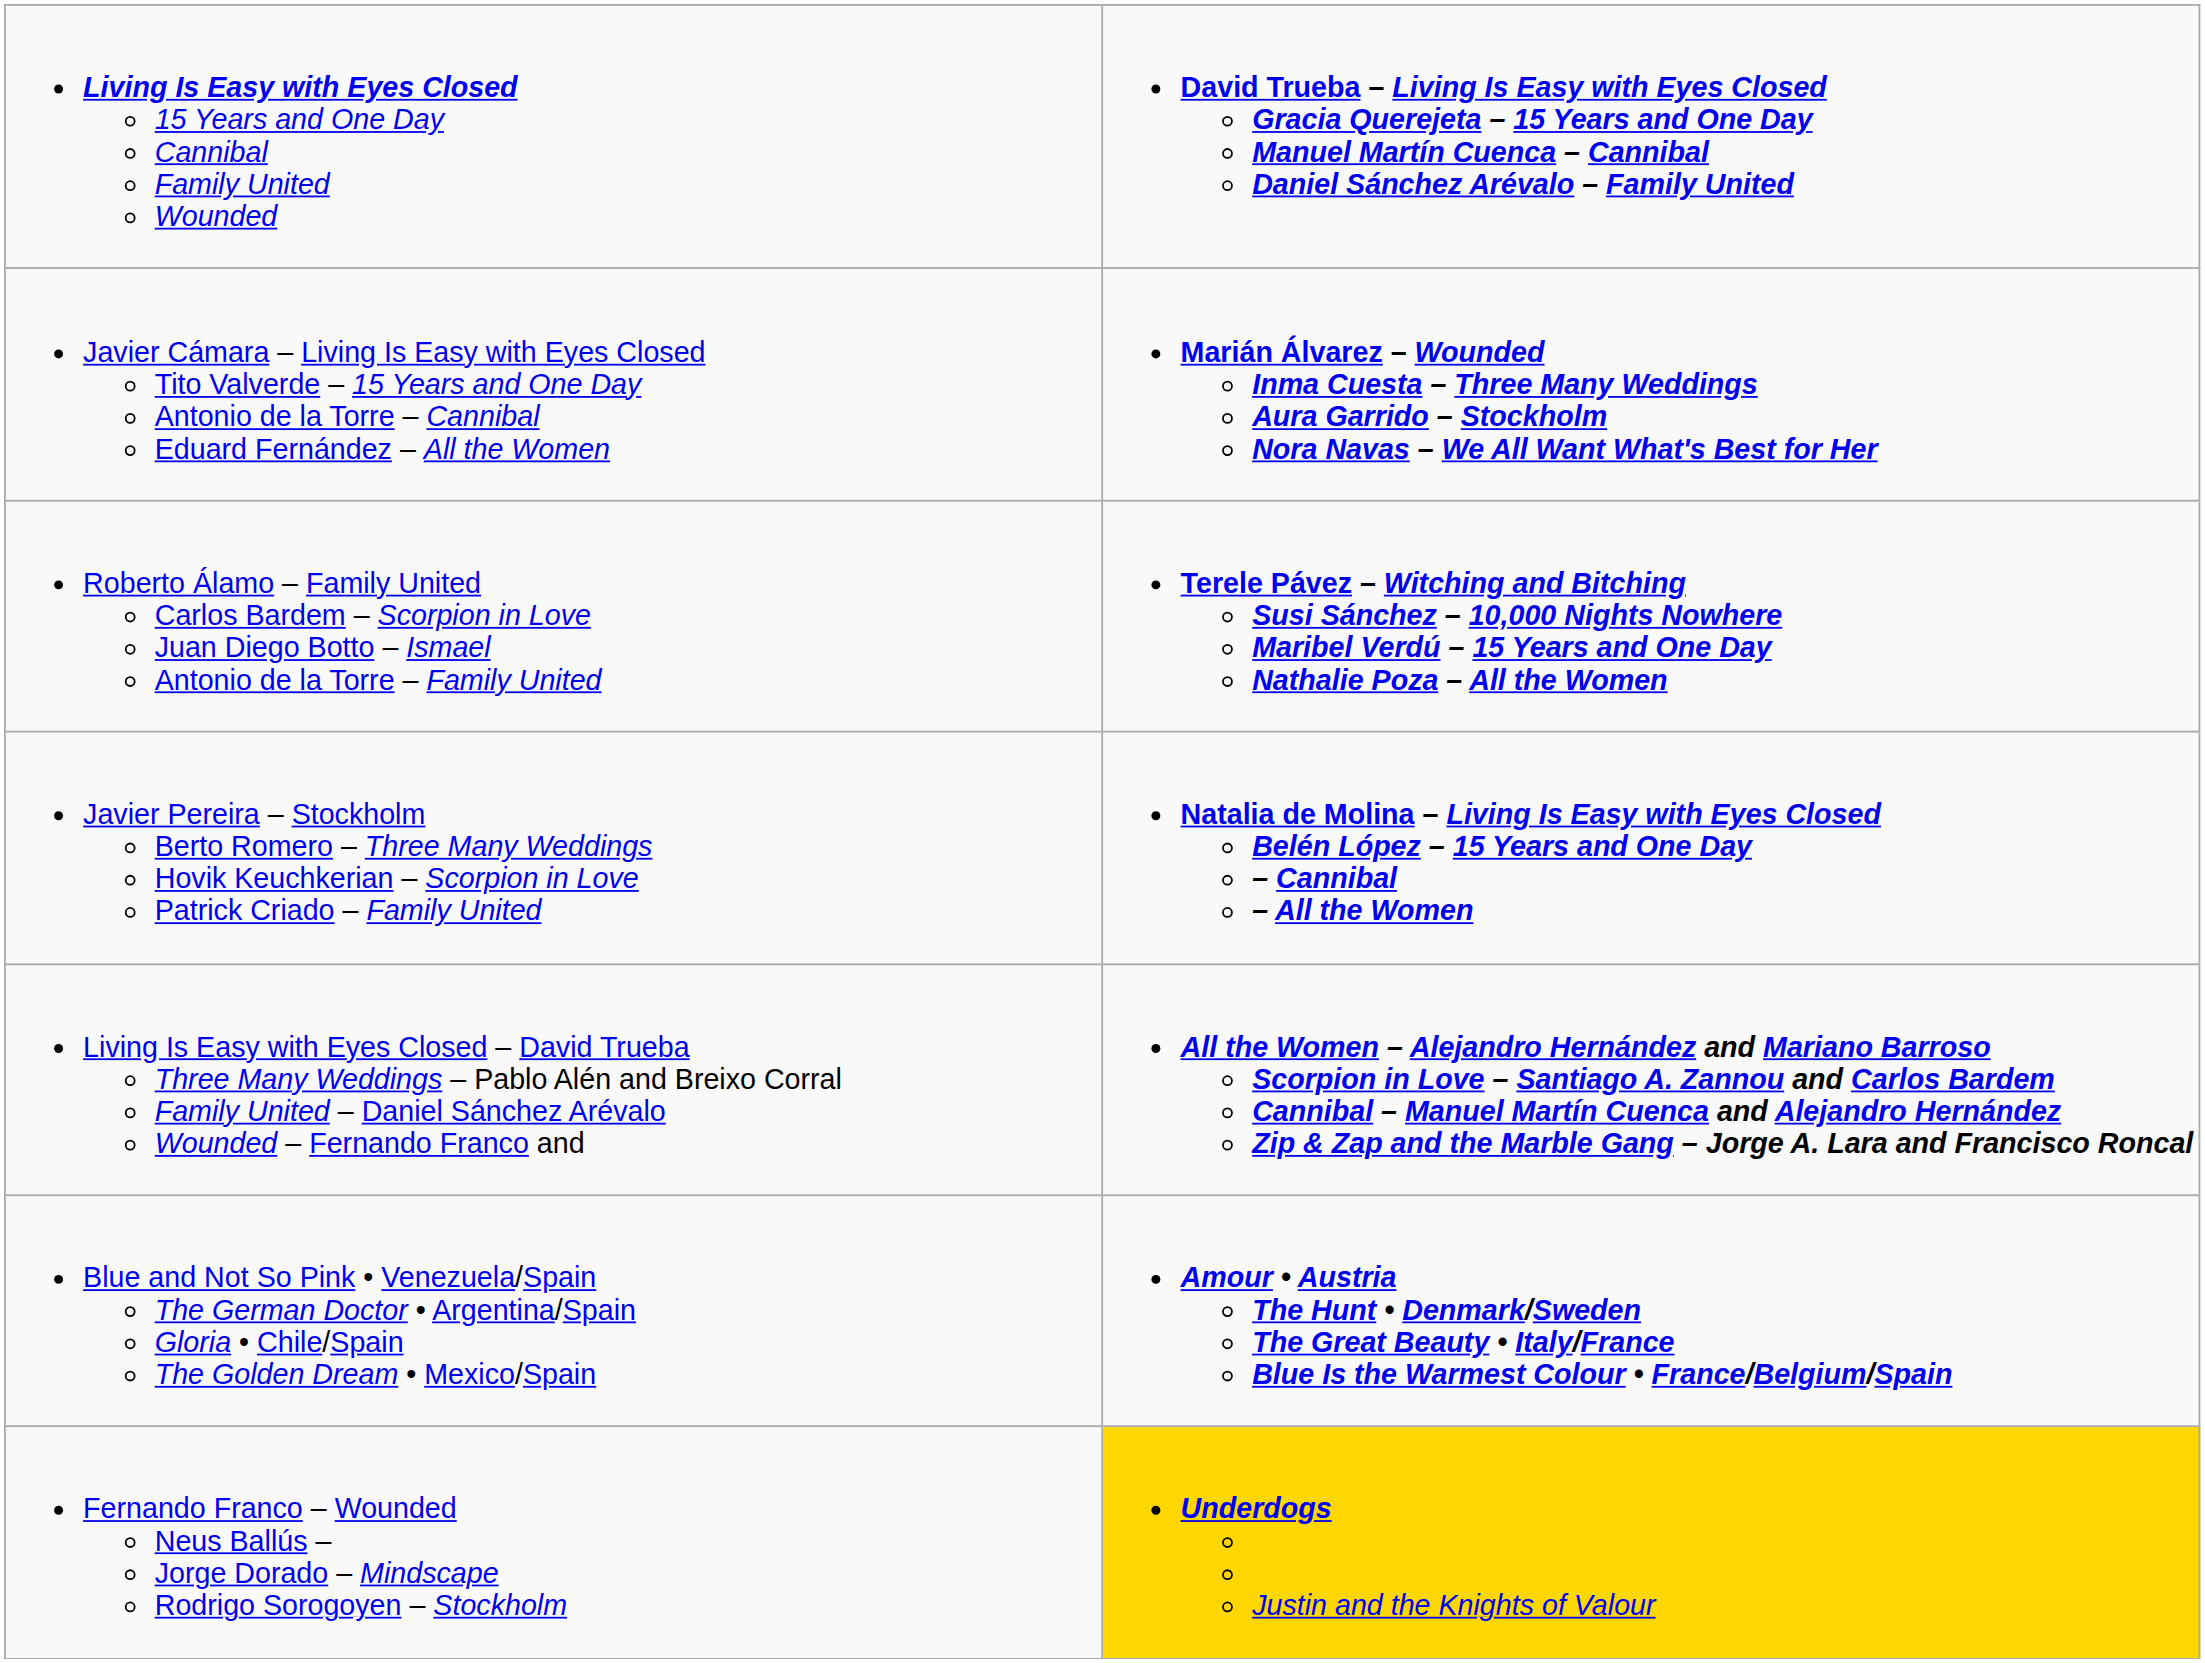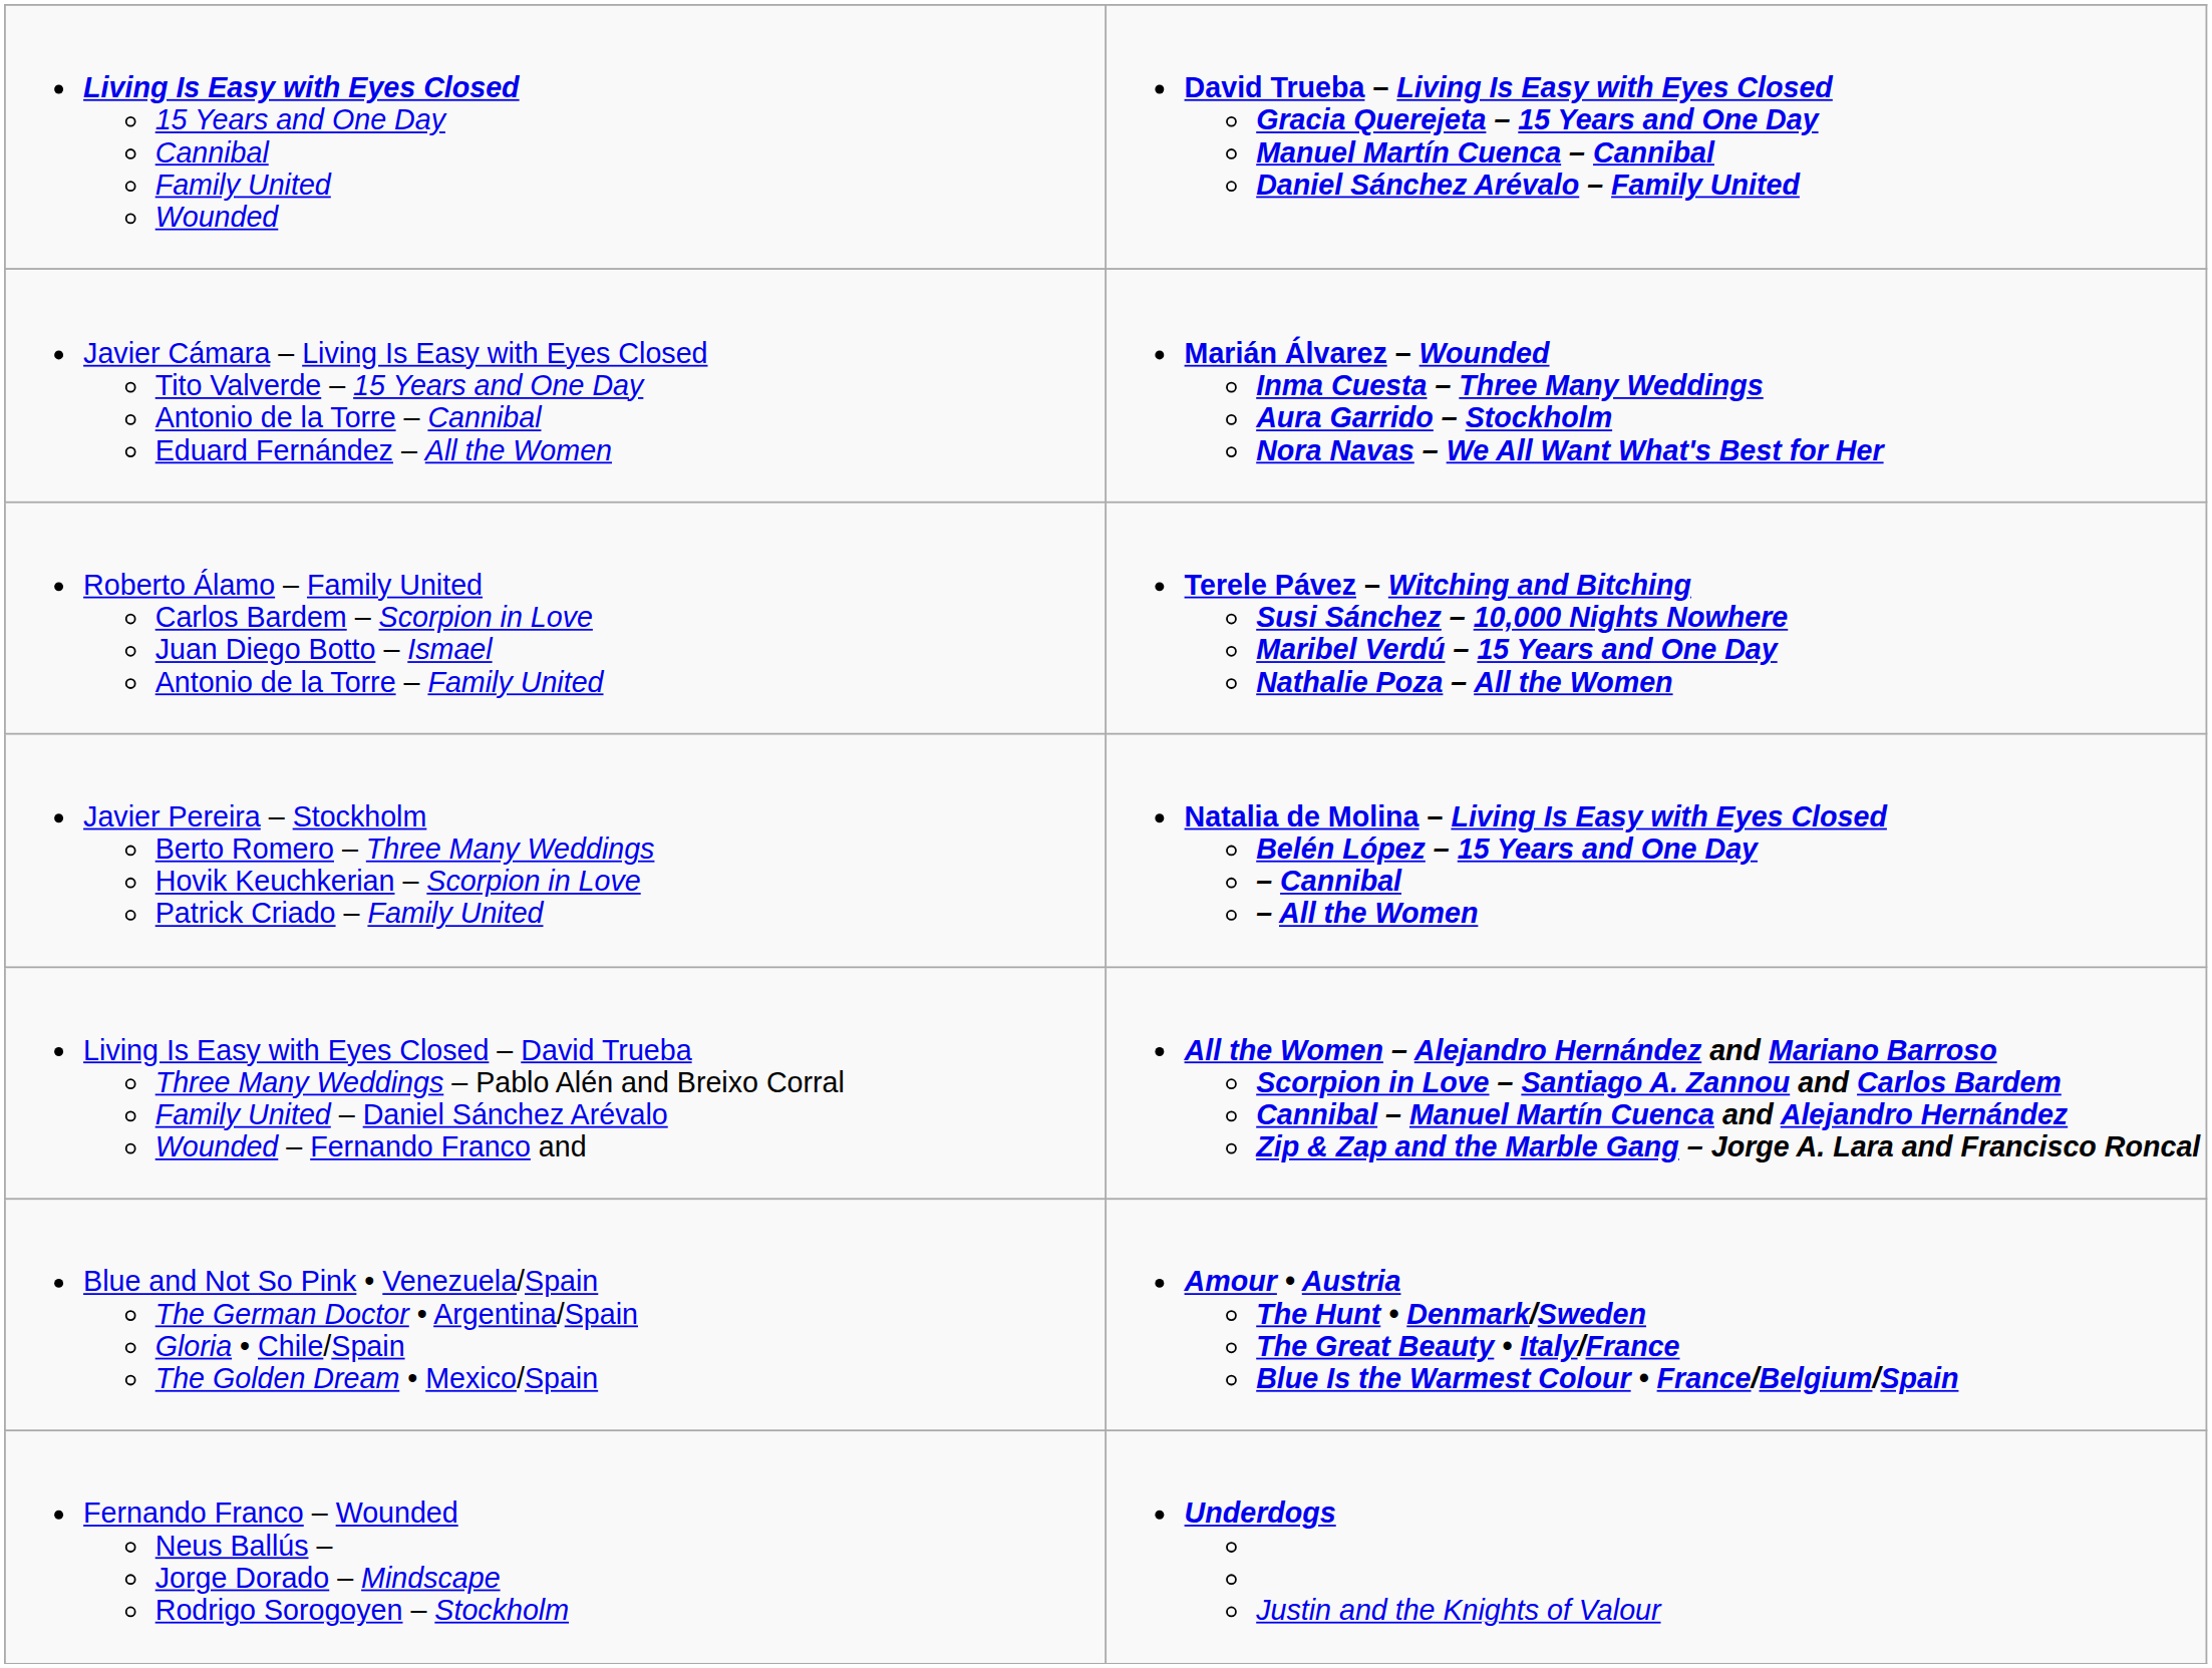 <table class=wikitable style="width="100%">
 <tr>
 <td style="vertical-align:top;" width="50%"><br><ul><li><strong><em><a href='#'>Living Is Easy with Eyes Closed</a></em></strong><ul><li><em><a href='#'>15 Years and One Day</a></em></li><li><em><a href='#'>Cannibal</a></em></li><li><em><a href='#'>Family United</a></em></li><li><em><a href='#'>Wounded</a></em></li></ul></li></ul></td>
 <td style="vertical-align:top;" width="50%"><br><ul><li><strong><a href='#'>David Trueba</a> – <em><a href='#'>Living Is Easy with Eyes Closed</a><strong><em><ul><li><a href='#'>Gracia Querejeta</a> – </em><a href='#'>15 Years and One Day</a><em></li><li><a href='#'>Manuel Martín Cuenca</a> – </em><a href='#'>Cannibal</a><em></li><li><a href='#'>Daniel Sánchez Arévalo</a> – </em><a href='#'>Family United</a><em></li></ul></li></ul></td>
 </tr>
 <tr>
 <td style="vertical-align:top;" width="50%"><br><ul><li></strong><a href='#'>Javier Cámara</a> – </em><a href='#'>Living Is Easy with Eyes Closed</a></em></strong><ul><li><a href='#'>Tito Valverde</a> – <em><a href='#'>15 Years and One Day</a></em></li><li><a href='#'>Antonio de la Torre</a> – <em><a href='#'>Cannibal</a></em></li><li><a href='#'>Eduard Fernández</a> – <em><a href='#'>All the Women</a></em></li></ul></li></ul></td>
 <td style="vertical-align:top;" width="50%"><br><ul><li><strong><a href='#'>Marián Álvarez</a> – <em><a href='#'>Wounded</a><strong><em><ul><li><a href='#'>Inma Cuesta</a> – </em><a href='#'>Three Many Weddings</a><em></li><li><a href='#'>Aura Garrido</a> – </em><a href='#'>Stockholm</a><em></li><li><a href='#'>Nora Navas</a> – </em><a href='#'>We All Want What's Best for Her</a><em></li></ul></li></ul></td>
 </tr>
 <tr>
 <td style="vertical-align:top;" width="50%"><br><ul><li></strong><a href='#'>Roberto Álamo</a> – </em><a href='#'>Family United</a></em></strong><ul><li><a href='#'>Carlos Bardem</a> – <em><a href='#'>Scorpion in Love</a></em></li><li><a href='#'>Juan Diego Botto</a> – <em><a href='#'>Ismael</a></em></li><li><a href='#'>Antonio de la Torre</a> – <em><a href='#'>Family United</a></em></li></ul></li></ul></td>
 <td style="vertical-align:top;" width="50%"><br><ul><li><strong><a href='#'>Terele Pávez</a> – <em><a href='#'>Witching and Bitching</a><strong><em><ul><li><a href='#'>Susi Sánchez</a> – </em><a href='#'>10,000 Nights Nowhere</a><em></li><li><a href='#'>Maribel Verdú</a> – </em><a href='#'>15 Years and One Day</a><em></li><li><a href='#'>Nathalie Poza</a> – </em><a href='#'>All the Women</a><em></li></ul></li></ul></td>
 </tr>
 <tr>
 <td style="vertical-align:top;" width="50%"><br><ul><li></strong><a href='#'>Javier Pereira</a> – </em><a href='#'>Stockholm</a></em></strong><ul><li><a href='#'>Berto Romero</a> – <em><a href='#'>Three Many Weddings</a></em></li><li><a href='#'>Hovik Keuchkerian</a> – <em><a href='#'>Scorpion in Love</a></em></li><li><a href='#'>Patrick Criado</a> – <em><a href='#'>Family United</a></em></li></ul></li></ul></td>
 <td style="vertical-align:top;" width="50%"><br><ul><li><strong><a href='#'>Natalia de Molina</a> – <em><a href='#'>Living Is Easy with Eyes Closed</a><strong><em><ul><li><a href='#'>Belén López</a> – </em><a href='#'>15 Years and One Day</a><em></li><li> – </em><a href='#'>Cannibal</a><em></li><li> – </em><a href='#'>All the Women</a><em></li></ul></li></ul></td>
 </tr>
 <tr>
 <td style="vertical-align:top;" width="50%"><br><ul><li></em></strong><a href='#'>Living Is Easy with Eyes Closed</a></em> – <a href='#'>David Trueba</a></strong><ul><li><em><a href='#'>Three Many Weddings</a></em> – Pablo Alén and Breixo Corral</li><li><em><a href='#'>Family United</a></em> – <a href='#'>Daniel Sánchez Arévalo</a></li><li><em><a href='#'>Wounded</a></em> – <a href='#'>Fernando Franco</a> and </li></ul></li></ul></td>
 <td style="vertical-align:top;" width="50%"><br><ul><li><strong><em><a href='#'>All the Women</a><em> – <a href='#'>Alejandro Hernández</a> and <a href='#'>Mariano Barroso</a><strong><ul><li></em><a href='#'>Scorpion in Love</a><em> – <a href='#'>Santiago A. Zannou</a> and <a href='#'>Carlos Bardem</a></li><li></em><a href='#'>Cannibal</a><em> – <a href='#'>Manuel Martín Cuenca</a> and <a href='#'>Alejandro Hernández</a></li><li></em><a href='#'>Zip & Zap and the Marble Gang</a><em> – Jorge A. Lara and Francisco Roncal</li></ul></li></ul></td>
 </tr>
 <tr>
 <td style="vertical-align:top;" width="50%"><br><ul><li></em></strong><a href='#'>Blue and Not So Pink</a></em> • <a href='#'>Venezuela</a>/<a href='#'>Spain</a></strong><ul><li><em><a href='#'>The German Doctor</a></em> • <a href='#'>Argentina</a>/<a href='#'>Spain</a></li><li><em><a href='#'>Gloria</a></em> • <a href='#'>Chile</a>/<a href='#'>Spain</a></li><li><em><a href='#'>The Golden Dream</a></em> • <a href='#'>Mexico</a>/<a href='#'>Spain</a></li></ul></li></ul></td>
 <td style="vertical-align:top;" width="50%"><br><ul><li><strong><em><a href='#'>Amour</a><em> • <a href='#'>Austria</a><strong><ul><li></em><a href='#'>The Hunt</a><em> • <a href='#'>Denmark</a>/<a href='#'>Sweden</a></li><li></em><a href='#'>The Great Beauty</a><em> • <a href='#'>Italy</a>/<a href='#'>France</a></li><li></em><a href='#'>Blue Is the Warmest Colour</a><em> • <a href='#'>France</a>/<a href='#'>Belgium</a>/<a href='#'>Spain</a></li></ul></li></ul></td>
 </tr>
 <tr>
 <td style="vertical-align:top;" width="50%"><br><ul><li></strong><a href='#'>Fernando Franco</a> – </em><a href='#'>Wounded</a></em></strong><ul><li><a href='#'>Neus Ballús</a> – <em></em></li><li><a href='#'>Jorge Dorado</a> – <em><a href='#'>Mindscape</a></em></li><li><a href='#'>Rodrigo Sorogoyen</a> – <em><a href='#'>Stockholm</a></em></li></ul></li></ul></td>
-<td style="background: gold; vertical-align:top;" width="50%"><br><ul><li><strong><em><a href='#'>Underdogs</a></em></strong><ul><li><em></em></li><li><em></em></li><li><em><a href='#'>Justin and the Knights of Valour</a></em></li></ul></li></ul></td>
+<td style="vertical-align:top;" width="50%"><br><ul><li><strong><em><a href='#'>Underdogs</a></em></strong><ul><li><em></em></li><li><em></em></li><li><em><a href='#'>Justin and the Knights of Valour</a></em></li></ul></li></ul></td>
 </tr>
 </table>
